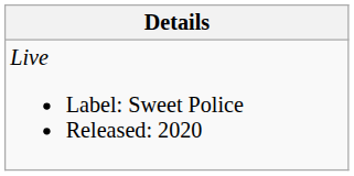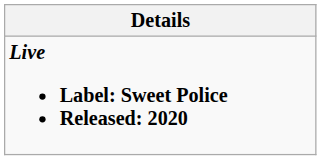 <table class="wikitable" style="text-align:center;">
 <tr>
 <th style="width:240px;">Details</th>
 </tr>
 <tr>
-<td style="text-align:left;"><em>Live</em><br><ul><li>Label: Sweet Police</li><li>Released: 2020</li></ul></td>
+<td style="text-align:left;"><strong><em>Live</em><br><ul><li>Label: Sweet Police</li><li>Released: 2020</li></ul></strong></td>
 </tr>
 </table>
